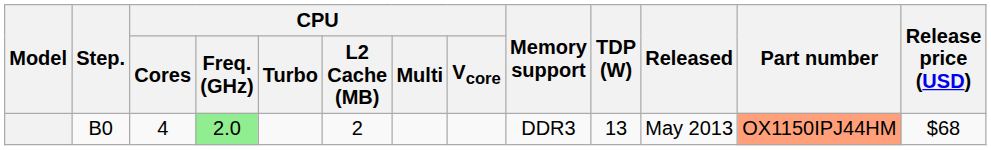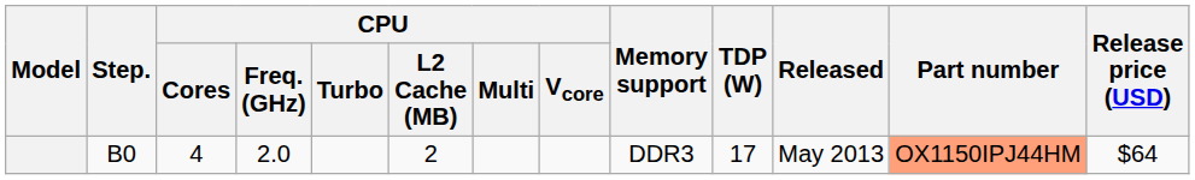 <table class="wikitable" style="text-align: center">
 <tr>
 <th rowspan="2">Model</th>
 <th rowspan="2">Step.</th>
 <th colspan="6">CPU</th>
 <th rowspan="2">Memory<br>support</th>
 <th rowspan="2">TDP<br>(W)</th>
 <th rowspan="2">Released</th>
 <th rowspan="2">Part number</th>
 <th rowspan="2">Release<br>price<br>(<a href='#'>USD</a>)</th>
 </tr>
 <tr>
 <th>Cores</th>
 <th>Freq.<br>(GHz)</th>
 <th>Turbo</th>
 <th>L2<br>Cache<br>(MB)</th>
 <th>Multi</th>
 <th>V<sub>core</sub></th>
 </tr>
 <tr>
 <th style="text-align: left"></th>
 <td>B0</td>
 <td>4</td>
-<td style="background: lightgreen;">2.0</td>
+<td>2.0</td>
 <td></td>
 <td>2</td>
 <td></td>
 <td></td>
 <td>DDR3</td>
-<td>13</td>
+<td>17</td>
 <td>May 2013</td>
 <td style="background: lightsalmon;">OX1150IPJ44HM</td>
-<td>$68</td>
+<td>$64</td>
 </tr>
 </table>
